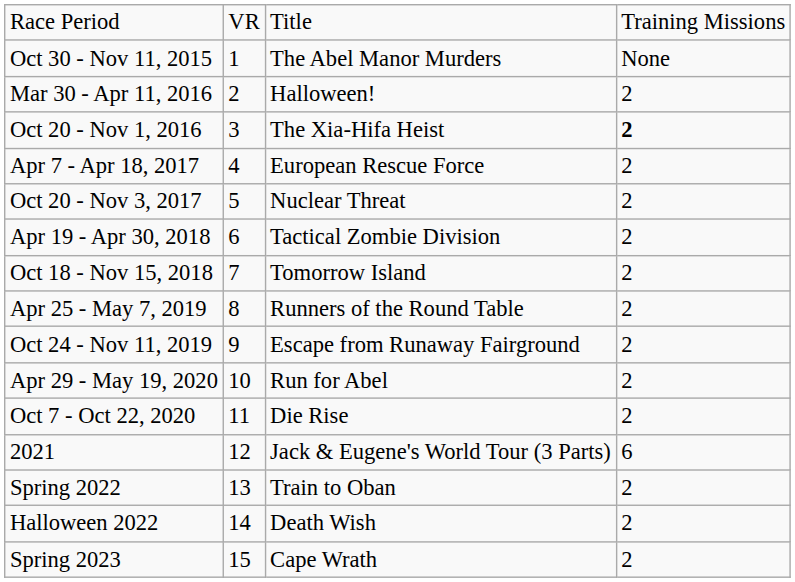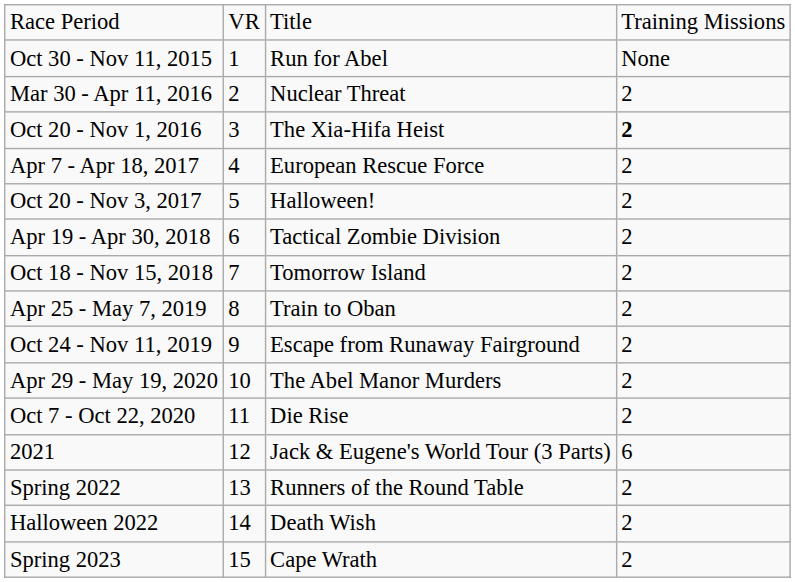 <table class="wikitable">
 <tr>
 <td>Race Period</td>
 <td>VR</td>
 <td>Title</td>
 <td>Training Missions</td>
 </tr>
 <tr>
 <td>Oct 30 - Nov 11, 2015</td>
 <td>1</td>
-<td>The Abel Manor Murders</td>
+<td>Run for Abel</td>
 <td>None</td>
 </tr>
 <tr>
 <td>Mar 30 - Apr 11, 2016</td>
 <td>2</td>
-<td>Halloween!</td>
+<td>Nuclear Threat</td>
 <td>2</td>
 </tr>
 <tr>
 <td>Oct 20 - Nov 1, 2016</td>
 <td>3</td>
 <td>The Xia-Hifa Heist</td>
 <td><strong>2</strong></td>
 </tr>
 <tr>
 <td>Apr 7 - Apr 18, 2017</td>
 <td>4</td>
 <td>European Rescue Force</td>
 <td>2</td>
 </tr>
 <tr>
 <td>Oct 20 - Nov 3, 2017</td>
 <td>5</td>
-<td>Nuclear Threat</td>
+<td>Halloween!</td>
 <td>2</td>
 </tr>
 <tr>
 <td>Apr 19 - Apr 30, 2018</td>
 <td>6</td>
 <td>Tactical Zombie Division</td>
 <td>2</td>
 </tr>
 <tr>
 <td>Oct 18 - Nov 15, 2018</td>
 <td>7</td>
 <td>Tomorrow Island</td>
 <td>2</td>
 </tr>
 <tr>
 <td>Apr 25 - May 7, 2019</td>
 <td>8</td>
-<td>Runners of the Round Table</td>
+<td>Train to Oban</td>
 <td>2</td>
 </tr>
 <tr>
 <td>Oct 24 - Nov 11, 2019</td>
 <td>9</td>
 <td>Escape from Runaway Fairground</td>
 <td>2</td>
 </tr>
 <tr>
 <td>Apr 29 - May 19, 2020</td>
 <td>10</td>
-<td>Run for Abel</td>
+<td>The Abel Manor Murders</td>
 <td>2</td>
 </tr>
 <tr>
 <td>Oct 7 - Oct 22, 2020</td>
 <td>11</td>
 <td>Die Rise</td>
 <td>2</td>
 </tr>
 <tr>
 <td>2021</td>
 <td>12</td>
 <td>Jack & Eugene's World Tour (3 Parts)</td>
 <td>6</td>
 </tr>
 <tr>
 <td>Spring 2022</td>
 <td>13</td>
-<td>Train to Oban</td>
+<td>Runners of the Round Table</td>
 <td>2</td>
 </tr>
 <tr>
 <td>Halloween 2022</td>
 <td>14</td>
 <td>Death Wish</td>
 <td>2</td>
 </tr>
 <tr>
 <td>Spring 2023</td>
 <td>15</td>
 <td>Cape Wrath</td>
 <td>2</td>
 </tr>
 </table>
